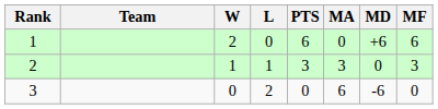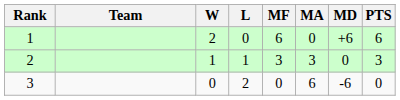 <table class="wikitable" style="text-align:center">
 <tr>
 <th width=50>Rank</th>
 <th width=150>Team</th>
 <th width=30>W</th>
 <th width=30>L</th>
-<th width=30>PTS</th>
+<th width=30>MF</th>
 <th width=30>MA</th>
 <th width=30>MD</th>
-<th width=30>MF</th>
+<th width=30>PTS</th>
 </tr>
 <tr bgcolor=#ccffcc>
 <td>1</td>
 <td style="text-align:left;"></td>
 <td>2</td>
 <td>0</td>
 <td>6</td>
 <td>0</td>
 <td>+6</td>
 <td>6</td>
 </tr>
 <tr bgcolor=#ccffcc>
 <td>2</td>
 <td style="text-align:left;"></td>
 <td>1</td>
 <td>1</td>
 <td>3</td>
 <td>3</td>
 <td>0</td>
 <td>3</td>
 </tr>
 <tr>
 <td>3</td>
 <td style="text-align:left;"></td>
 <td>0</td>
 <td>2</td>
 <td>0</td>
 <td>6</td>
 <td>-6</td>
 <td>0</td>
 </tr>
 </table>
